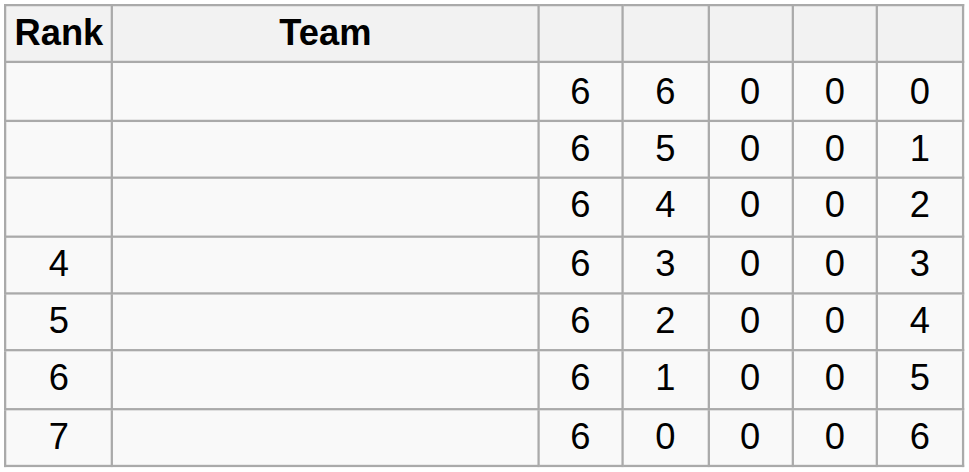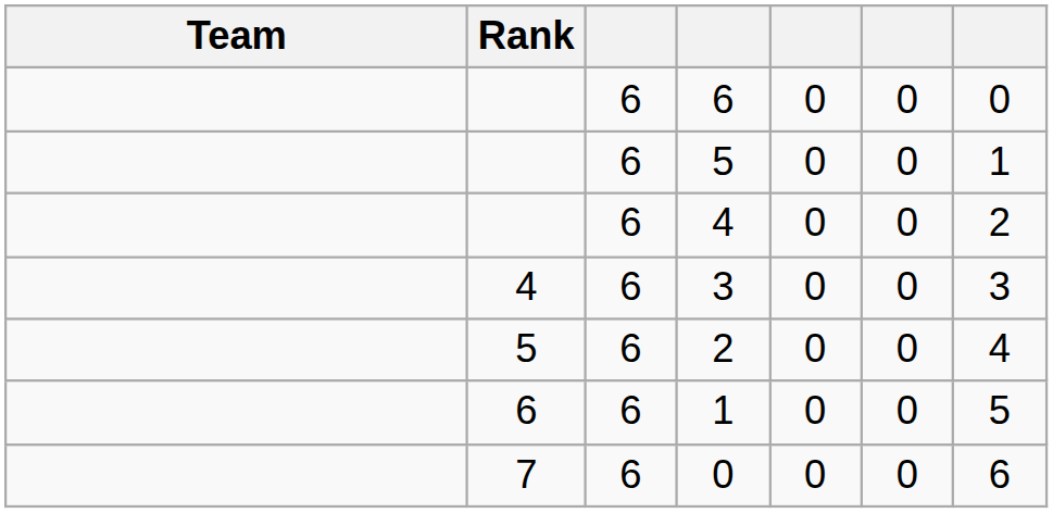 <table class="wikitable" style="text-align: center;">
 <tr>
+<th width=180>Team</th>
 <th width=40>Rank</th>
-<th width=180>Team</th>
 <th width=30></th>
 <th width=30></th>
 <th width=30></th>
 <th width=30></th>
 <th width=30></th>
 </tr>
 <tr>
+<td align=left></td>
 <td></td>
-<td align=left></td>
 <td>6</td>
 <td>6</td>
 <td>0</td>
 <td>0</td>
 <td>0</td>
 </tr>
 <tr>
+<td align=left></td>
 <td></td>
-<td align=left></td>
 <td>6</td>
 <td>5</td>
 <td>0</td>
 <td>0</td>
 <td>1</td>
 </tr>
 <tr>
+<td align=left></td>
 <td></td>
-<td align=left></td>
 <td>6</td>
 <td>4</td>
 <td>0</td>
 <td>0</td>
 <td>2</td>
 </tr>
 <tr>
+<td align=left></td>
 <td>4</td>
-<td align=left></td>
 <td>6</td>
 <td>3</td>
 <td>0</td>
 <td>0</td>
 <td>3</td>
 </tr>
 <tr>
+<td align=left></td>
 <td>5</td>
-<td align=left></td>
 <td>6</td>
 <td>2</td>
 <td>0</td>
 <td>0</td>
 <td>4</td>
 </tr>
 <tr>
+<td align=left></td>
 <td>6</td>
-<td align=left></td>
 <td>6</td>
 <td>1</td>
 <td>0</td>
 <td>0</td>
 <td>5</td>
 </tr>
 <tr>
+<td align=left></td>
 <td>7</td>
-<td align=left></td>
 <td>6</td>
 <td>0</td>
 <td>0</td>
 <td>0</td>
 <td>6</td>
 </tr>
 </table>
